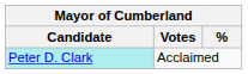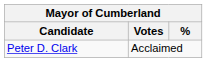 <table class="wikitable">
 <tr>
 <th colspan="3">Mayor of Cumberland</th>
 </tr>
 <tr>
 <th style="width: 170px">Candidate</th>
 <th style="width: 50px">Votes</th>
 <th style="width: 40px">%</th>
 </tr>
 <tr>
-<td style="background: paleturquoise;"><a href='#'>Peter D. Clark</a></td>
+<td><a href='#'>Peter D. Clark</a></td>
 <td colspan="2">Acclaimed</td>
 </tr>
 </table>
